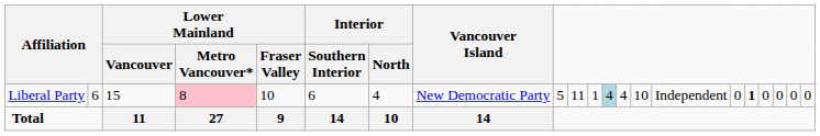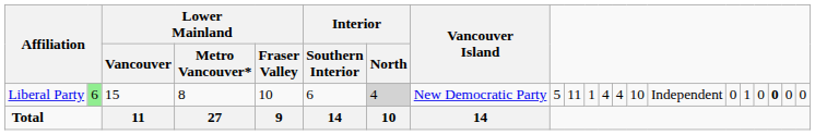 <table class="wikitable">
 <tr>
 <th colspan="2" rowspan="2">Affiliation</th>
 <th colspan="3">Lower<br>Mainland</th>
 <th colspan="2">Interior</th>
 <th rowspan="2">Vancouver<br>Island</th>
 </tr>
 <tr>
 <th>Vancouver</th>
 <th>Metro<br>Vancouver*</th>
 <th>Fraser<br>Valley</th>
 <th>Southern<br>Interior</th>
 <th>North</th>
 </tr>
 <tr>
 <td><a href='#'>Liberal Party</a></td>
-<td>6</td>
+<td style="background: lightgreen;">6</td>
 <td>15</td>
-<td style="background: pink;">8</td>
+<td>8</td>
 <td>10</td>
 <td>6</td>
-<td>4<br></td>
+<td style="background: lightgrey;">4<br></td>
 <td><a href='#'>New Democratic Party</a></td>
 <td>5</td>
 <td>11</td>
 <td>1</td>
-<td style="background: lightblue;">4</td>
+<td>4</td>
 <td>4</td>
 <td>10<br></td>
 <td>Independent</td>
 <td>0</td>
-<td><strong>1</strong></td>
+<td>1</td>
 <td>0</td>
-<td>0</td>
+<td><strong>0</strong></td>
 <td>0</td>
 <td>0</td>
 </tr>
 <tr>
 <td colspan="2"> <strong>Total</strong></td>
 <th>11</th>
 <th>27</th>
 <th>9</th>
 <th>14</th>
 <th>10</th>
 <th>14</th>
 </tr>
 </table>
